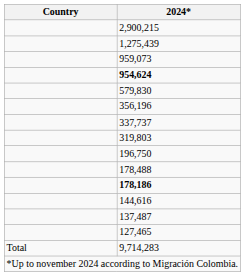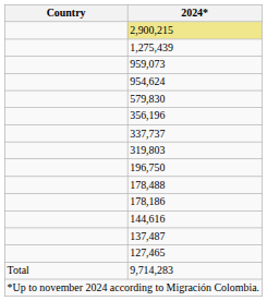 <table class="wikitable sortable mw-collapsible">
 <tr>
 <th>Country</th>
 <th>2024*</th>
 </tr>
 <tr>
 <td></td>
-<td>2,900,215</td>
+<td style="background: khaki;">2,900,215</td>
 </tr>
 <tr>
 <td></td>
 <td>1,275,439</td>
 </tr>
 <tr>
 <td></td>
 <td>959,073</td>
 </tr>
 <tr>
 <td></td>
-<td><strong>954,624</strong></td>
+<td>954,624</td>
 </tr>
 <tr>
 <td></td>
 <td>579,830</td>
 </tr>
 <tr>
 <td></td>
 <td>356,196</td>
 </tr>
 <tr>
 <td></td>
 <td>337,737</td>
 </tr>
 <tr>
 <td></td>
 <td>319,803</td>
 </tr>
 <tr>
 <td></td>
 <td>196,750</td>
 </tr>
 <tr>
 <td></td>
 <td>178,488</td>
 </tr>
 <tr>
 <td></td>
-<td><strong>178,186</strong></td>
+<td>178,186</td>
 </tr>
 <tr>
 <td></td>
 <td>144,616</td>
 </tr>
 <tr>
 <td></td>
 <td>137,487</td>
 </tr>
 <tr>
 <td></td>
 <td>127,465</td>
 </tr>
 <tr>
 <td>Total</td>
 <td>9,714,283</td>
 </tr>
 <tr>
 <td colspan="2">*Up to november 2024 according to Migración Colombia.</td>
 </tr>
 </table>
